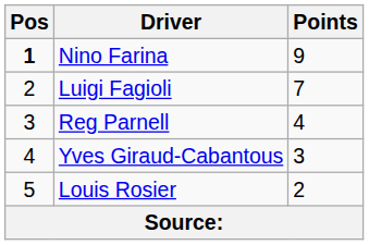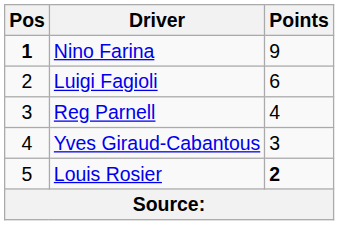 <table class="wikitable" style="font-size: 95%;">
 <tr>
 <th>Pos</th>
 <th>Driver</th>
 <th>Points</th>
 </tr>
 <tr>
 <td align="center"><strong>1</strong></td>
 <td> <a href='#'>Nino Farina</a></td>
 <td align="left">9</td>
 </tr>
 <tr>
 <td align="center">2</td>
 <td> <a href='#'>Luigi Fagioli</a></td>
-<td align="left">7</td>
+<td align="left">6</td>
 </tr>
 <tr>
 <td align="center">3</td>
 <td> <a href='#'>Reg Parnell</a></td>
 <td align="left">4</td>
 </tr>
 <tr>
 <td align="center">4</td>
 <td> <a href='#'>Yves Giraud-Cabantous</a></td>
 <td align="left">3</td>
 </tr>
 <tr>
 <td align="center">5</td>
 <td> <a href='#'>Louis Rosier</a></td>
-<td align="left">2</td>
+<td align="left"><strong>2</strong></td>
 </tr>
 <tr>
 <th colspan="3">Source:</th>
 </tr>
 </table>
